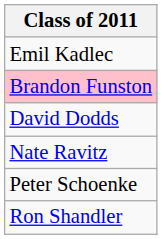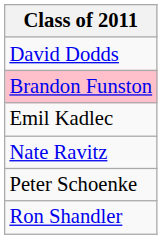 <table class="wikitable" border="1">
 <tr>
 <th>Class of 2011</th>
 </tr>
 <tr>
-<td>Emil Kadlec</td>
+<td><a href='#'>David Dodds</a></td>
 </tr>
 <tr>
 <td style="background: pink;"><a href='#'>Brandon Funston</a></td>
 </tr>
 <tr>
-<td><a href='#'>David Dodds</a></td>
+<td>Emil Kadlec</td>
 </tr>
 <tr>
 <td><a href='#'>Nate Ravitz</a></td>
 </tr>
 <tr>
 <td>Peter Schoenke</td>
 </tr>
 <tr>
 <td><a href='#'>Ron Shandler</a></td>
 </tr>
 </table>
